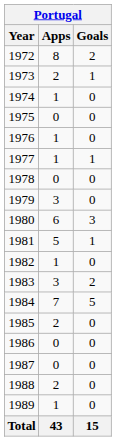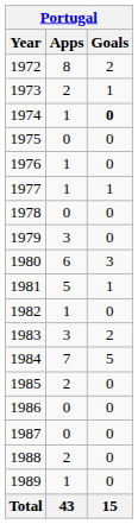 <table class="wikitable" style="text-align:center">
 <tr>
 <th colspan=3><a href='#'>Portugal</a></th>
 </tr>
 <tr>
 <th>Year</th>
 <th>Apps</th>
 <th>Goals</th>
 </tr>
 <tr>
 <td>1972</td>
 <td>8</td>
 <td>2</td>
 </tr>
 <tr>
 <td>1973</td>
 <td>2</td>
 <td>1</td>
 </tr>
 <tr>
 <td>1974</td>
 <td>1</td>
-<td>0</td>
+<td><strong>0</strong></td>
 </tr>
 <tr>
 <td>1975</td>
 <td>0</td>
 <td>0</td>
 </tr>
 <tr>
 <td>1976</td>
 <td>1</td>
 <td>0</td>
 </tr>
 <tr>
 <td>1977</td>
 <td>1</td>
 <td>1</td>
 </tr>
 <tr>
 <td>1978</td>
 <td>0</td>
 <td>0</td>
 </tr>
 <tr>
 <td>1979</td>
 <td>3</td>
 <td>0</td>
 </tr>
 <tr>
 <td>1980</td>
 <td>6</td>
 <td>3</td>
 </tr>
 <tr>
 <td>1981</td>
 <td>5</td>
 <td>1</td>
 </tr>
 <tr>
 <td>1982</td>
 <td>1</td>
 <td>0</td>
 </tr>
 <tr>
 <td>1983</td>
 <td>3</td>
 <td>2</td>
 </tr>
 <tr>
 <td>1984</td>
 <td>7</td>
 <td>5</td>
 </tr>
 <tr>
 <td>1985</td>
 <td>2</td>
 <td>0</td>
 </tr>
 <tr>
 <td>1986</td>
 <td>0</td>
 <td>0</td>
 </tr>
 <tr>
 <td>1987</td>
 <td>0</td>
 <td>0</td>
 </tr>
 <tr>
 <td>1988</td>
 <td>2</td>
 <td>0</td>
 </tr>
 <tr>
 <td>1989</td>
 <td>1</td>
 <td>0</td>
 </tr>
 <tr>
 <th>Total</th>
 <th>43</th>
 <th>15</th>
 </tr>
 </table>
